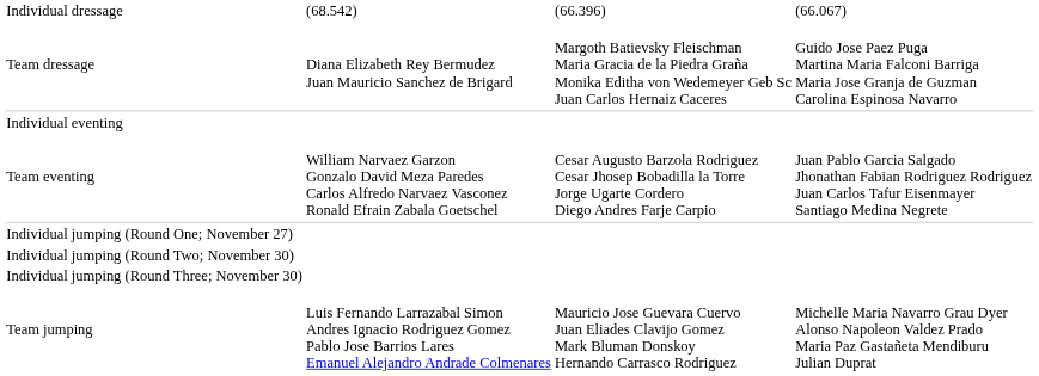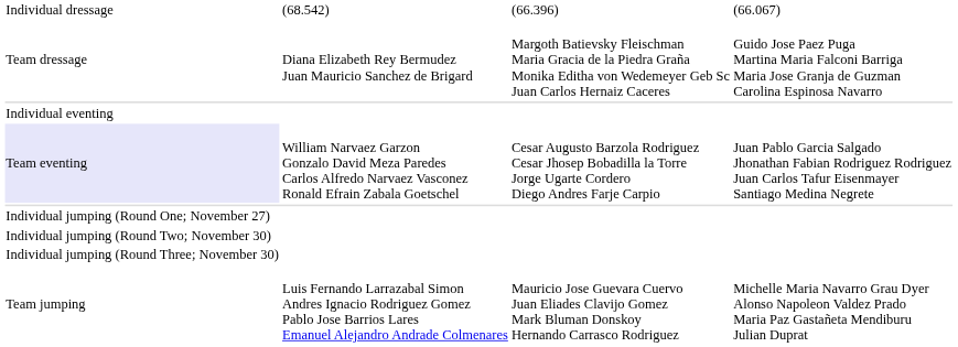 <table>
 <tr>
 <td>Individual dressage</td>
 <td> (68.542)</td>
 <td> (66.396)</td>
 <td> (66.067)</td>
 </tr>
 <tr>
 <td>Team dressage</td>
 <td><br>Diana Elizabeth Rey Bermudez<br>Juan Mauricio Sanchez de Brigard</td>
 <td><br>Margoth Batievsky Fleischman<br>Maria Gracia de la Piedra Graña<br>Monika Editha von Wedemeyer Geb Sc<br>Juan Carlos Hernaiz Caceres</td>
 <td><br>Guido Jose Paez Puga<br>Martina Maria Falconi Barriga<br>Maria Jose Granja de Guzman<br>Carolina Espinosa Navarro</td>
 </tr>
 <tr bgcolor=#DDDDDD>
 <td colspan=7></td>
 </tr>
 <tr>
 <td>Individual eventing</td>
 <td></td>
 <td></td>
 <td></td>
 </tr>
 <tr>
-<td>Team eventing</td>
+<td style="background: lavender;">Team eventing</td>
 <td><br>William Narvaez Garzon<br>Gonzalo David Meza Paredes<br>Carlos Alfredo Narvaez Vasconez<br>Ronald Efrain Zabala Goetschel</td>
 <td><br>Cesar Augusto Barzola Rodriguez<br>Cesar Jhosep Bobadilla la Torre<br>Jorge Ugarte Cordero<br>Diego Andres Farje Carpio</td>
 <td><br>Juan Pablo Garcia Salgado<br>Jhonathan Fabian Rodriguez Rodriguez<br>Juan Carlos Tafur Eisenmayer<br>Santiago Medina Negrete</td>
 </tr>
 <tr bgcolor=#DDDDDD>
 <td colspan=7></td>
 </tr>
 <tr>
 <td>Individual jumping (Round One; November 27)</td>
 <td></td>
 <td></td>
 <td></td>
 </tr>
 <tr>
 <td>Individual jumping (Round Two; November 30)</td>
 <td></td>
 <td></td>
 <td></td>
 </tr>
 <tr>
 <td>Individual jumping (Round Three; November 30)</td>
 <td></td>
 <td></td>
 <td></td>
 </tr>
 <tr>
 <td>Team jumping</td>
 <td><br>Luis Fernando Larrazabal Simon<br>Andres Ignacio Rodriguez Gomez<br>Pablo Jose Barrios Lares<br><a href='#'>Emanuel Alejandro Andrade Colmenares</a></td>
 <td><br>Mauricio Jose Guevara Cuervo<br>Juan Eliades Clavijo Gomez<br>Mark Bluman Donskoy<br>Hernando Carrasco Rodriguez</td>
 <td><br>Michelle Maria Navarro Grau Dyer<br>Alonso Napoleon Valdez Prado<br>Maria Paz Gastañeta Mendiburu<br>Julian Duprat</td>
 </tr>
 </table>
